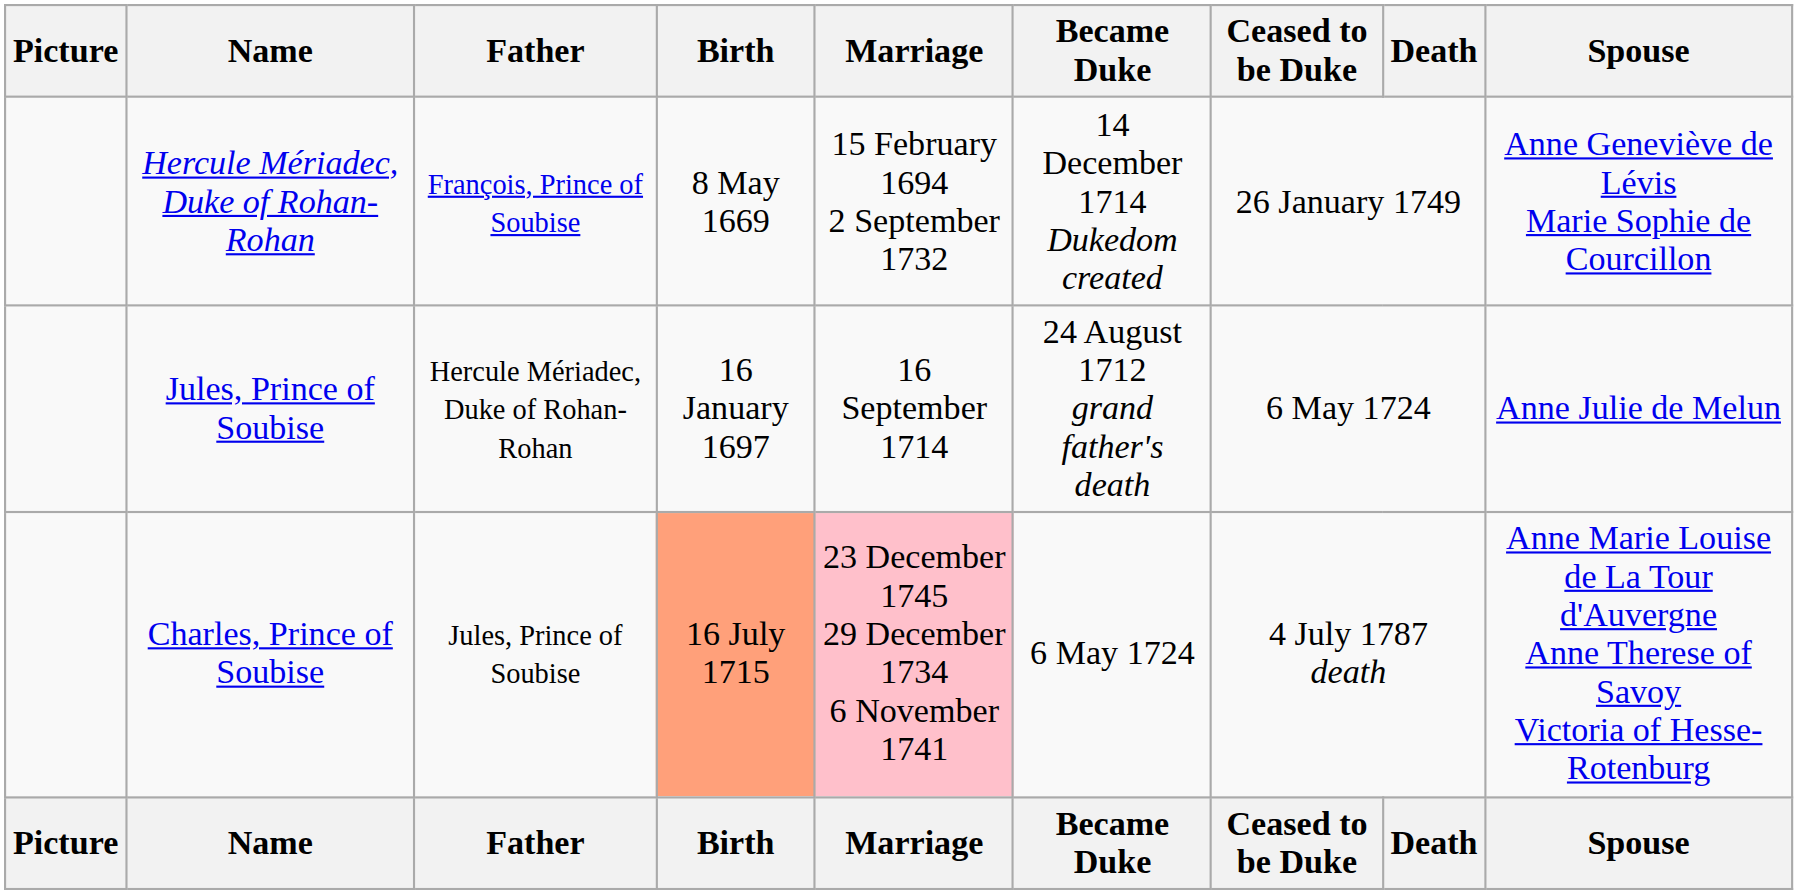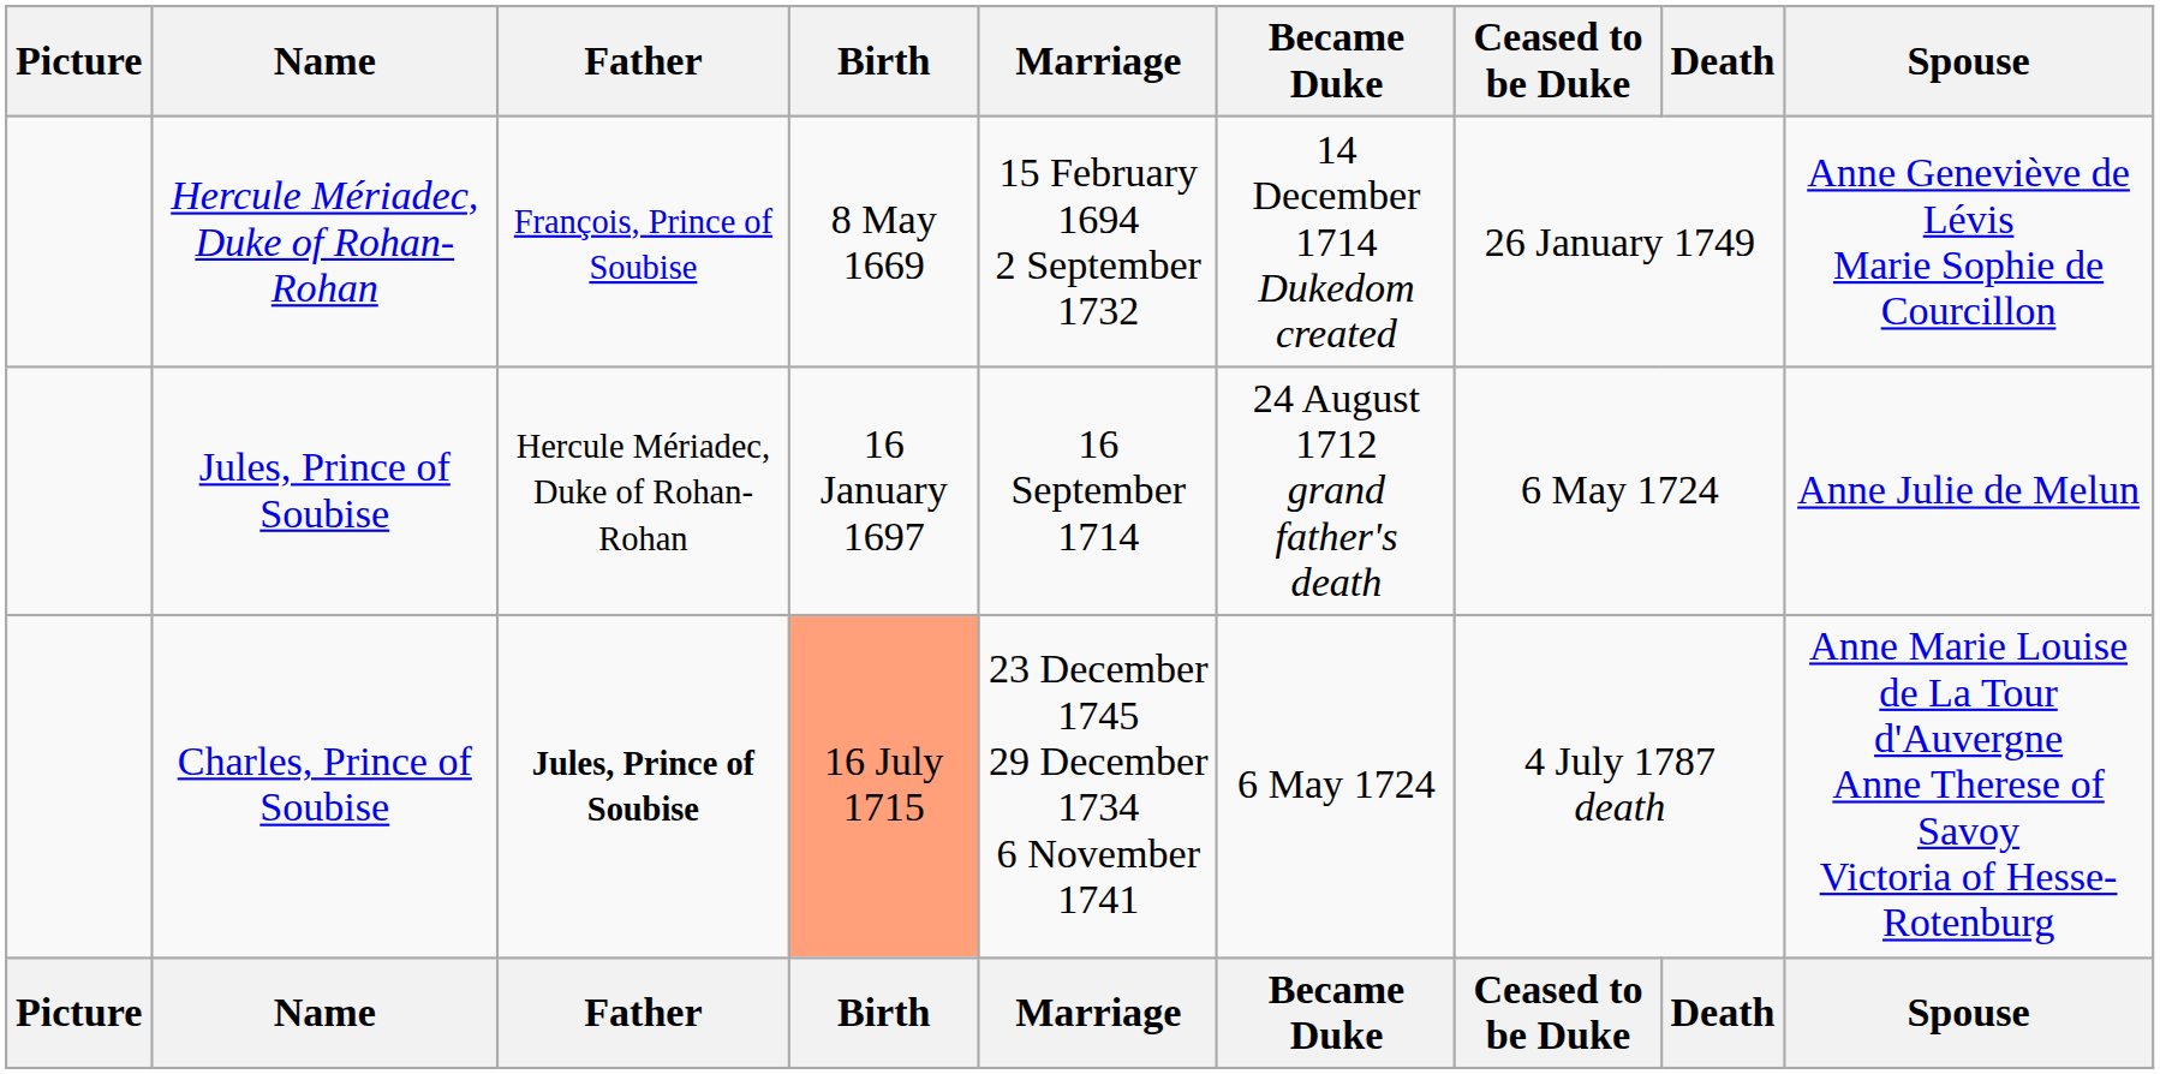 <table width=95% class="wikitable">
 <tr>
 <th>Picture</th>
 <th>Name</th>
 <th>Father</th>
 <th>Birth</th>
 <th>Marriage</th>
 <th>Became Duke</th>
 <th>Ceased to be Duke</th>
 <th>Death</th>
 <th>Spouse</th>
 </tr>
 <tr>
 <td align="center"></td>
 <td align="center"><em><a href='#'>Hercule Mériadec, Duke of Rohan-Rohan</a></em></td>
 <td align="center"><small><a href='#'>François, Prince of Soubise</a></small></td>
 <td align="center">8 May 1669</td>
 <td align="center">15 February 1694<br>2 September 1732</td>
 <td align="center">14 December 1714<br><em>Dukedom created</em></td>
 <td align="center" colspan="2">26 January 1749</td>
 <td align="center"><a href='#'>Anne Geneviève de Lévis</a><br><a href='#'>Marie Sophie de Courcillon</a></td>
 </tr>
 <tr>
 <td align="center"></td>
 <td align="center"><a href='#'>Jules, Prince of Soubise</a></td>
 <td align="center"><small>Hercule Mériadec, Duke of Rohan-Rohan </small></td>
 <td align="center">16 January 1697</td>
 <td align="center">16 September 1714</td>
 <td align="center">24 August 1712<br><em>grand father's death</em></td>
 <td align="center" colspan="2">6 May 1724</td>
 <td align="center"><a href='#'>Anne Julie de Melun</a></td>
 </tr>
 <tr>
 <td align="center"></td>
 <td align="center"><a href='#'>Charles, Prince of Soubise</a></td>
-<td align="center"><small>Jules, Prince of Soubise</small></td>
+<td align="center"><strong><small>Jules, Prince of Soubise</small></strong></td>
 <td align="center" style="background: lightsalmon;">16 July 1715</td>
-<td align="center" style="background: pink;">23 December 1745<br>29 December 1734<br>6 November 1741</td>
+<td align="center">23 December 1745<br>29 December 1734<br>6 November 1741</td>
 <td align="center">6 May 1724</td>
 <td align="center" colspan="2">4 July 1787<br><em>death</em></td>
 <td align="center"><a href='#'>Anne Marie Louise de La Tour d'Auvergne</a><br><a href='#'>Anne Therese of Savoy</a><br> <a href='#'>Victoria of Hesse-Rotenburg</a></td>
 </tr>
 <tr>
 <th>Picture</th>
 <th>Name</th>
 <th>Father</th>
 <th>Birth</th>
 <th>Marriage</th>
 <th>Became Duke</th>
 <th>Ceased to be Duke</th>
 <th>Death</th>
 <th>Spouse</th>
 </tr>
 </table>
